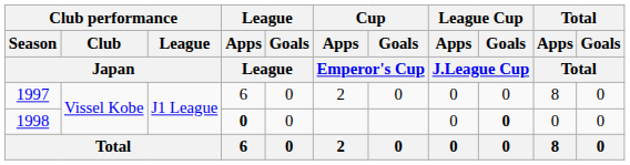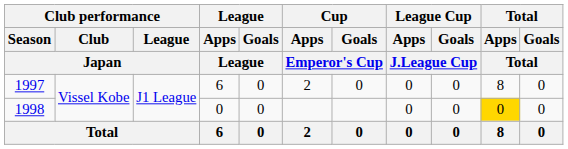 <table class="wikitable" style="text-align:center;">
 <tr>
 <th colspan=3>Club performance</th>
 <th colspan=2>League</th>
 <th colspan=2>Cup</th>
 <th colspan=2>League Cup</th>
 <th colspan=2>Total</th>
 </tr>
 <tr>
 <th>Season</th>
 <th>Club</th>
 <th>League</th>
 <th>Apps</th>
 <th>Goals</th>
 <th>Apps</th>
 <th>Goals</th>
 <th>Apps</th>
 <th>Goals</th>
 <th>Apps</th>
 <th>Goals</th>
 </tr>
 <tr>
 <th colspan=3>Japan</th>
 <th colspan=2>League</th>
 <th colspan=2><a href='#'>Emperor's Cup</a></th>
 <th colspan=2><a href='#'>J.League Cup</a></th>
 <th colspan=2>Total</th>
 </tr>
 <tr>
 <td><a href='#'>1997</a></td>
 <td rowspan="2"><a href='#'>Vissel Kobe</a></td>
 <td rowspan="2"><a href='#'>J1 League</a></td>
 <td>6</td>
 <td>0</td>
 <td>2</td>
 <td>0</td>
 <td>0</td>
 <td>0</td>
 <td>8</td>
 <td>0</td>
 </tr>
 <tr>
 <td><a href='#'>1998</a></td>
-<td><strong>0</strong></td>
+<td>0</td>
 <td>0</td>
 <td></td>
 <td></td>
 <td>0</td>
-<td><strong>0</strong></td>
 <td>0</td>
+<td style="background: gold;">0</td>
 <td>0</td>
 </tr>
 <tr>
 <th colspan=3>Total</th>
 <th>6</th>
 <th>0</th>
 <th>2</th>
 <th>0</th>
 <th>0</th>
 <th>0</th>
 <th>8</th>
 <th>0</th>
 </tr>
 </table>
